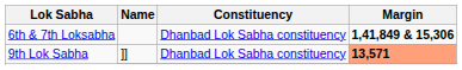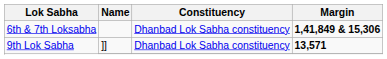 <table class="wikitable sortable">
 <tr>
 <th>Lok Sabha</th>
 <th>Name</th>
 <th>Constituency</th>
 <th>Margin</th>
 </tr>
 <tr>
 <td><a href='#'>6th & 7th Loksabha</a></td>
 <td></td>
 <td><a href='#'>Dhanbad Lok Sabha constituency</a><br></td>
 <td><strong>1,41,849 & 15,306</strong></td>
 </tr>
 <tr>
 <td rowspan="2"><a href='#'>9th Lok Sabha</a></td>
 <td>]]</td>
 <td><a href='#'>Dhanbad Lok Sabha constituency</a><br></td>
-<td style="background: lightsalmon;"><strong>13,571</strong></td>
+<td><strong>13,571</strong></td>
 </tr>
 <tr>
 </tr>
 </table>
